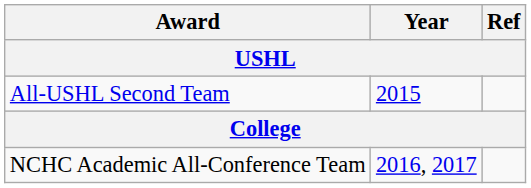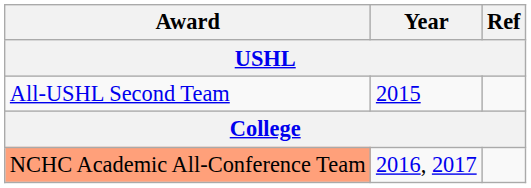 <table class="wikitable">
 <tr>
 <th>Award</th>
 <th>Year</th>
 <th>Ref</th>
 </tr>
 <tr>
 <th colspan="3"><a href='#'>USHL</a></th>
 </tr>
 <tr>
 <td><a href='#'>All-USHL Second Team</a></td>
 <td><a href='#'>2015</a></td>
 <td></td>
 </tr>
 <tr>
 <th colspan="3"><a href='#'>College</a></th>
 </tr>
 <tr>
-<td>NCHC Academic All-Conference Team</td>
+<td style="background: lightsalmon;">NCHC Academic All-Conference Team</td>
 <td><a href='#'>2016</a>, <a href='#'>2017</a></td>
 <td></td>
 </tr>
 </table>
